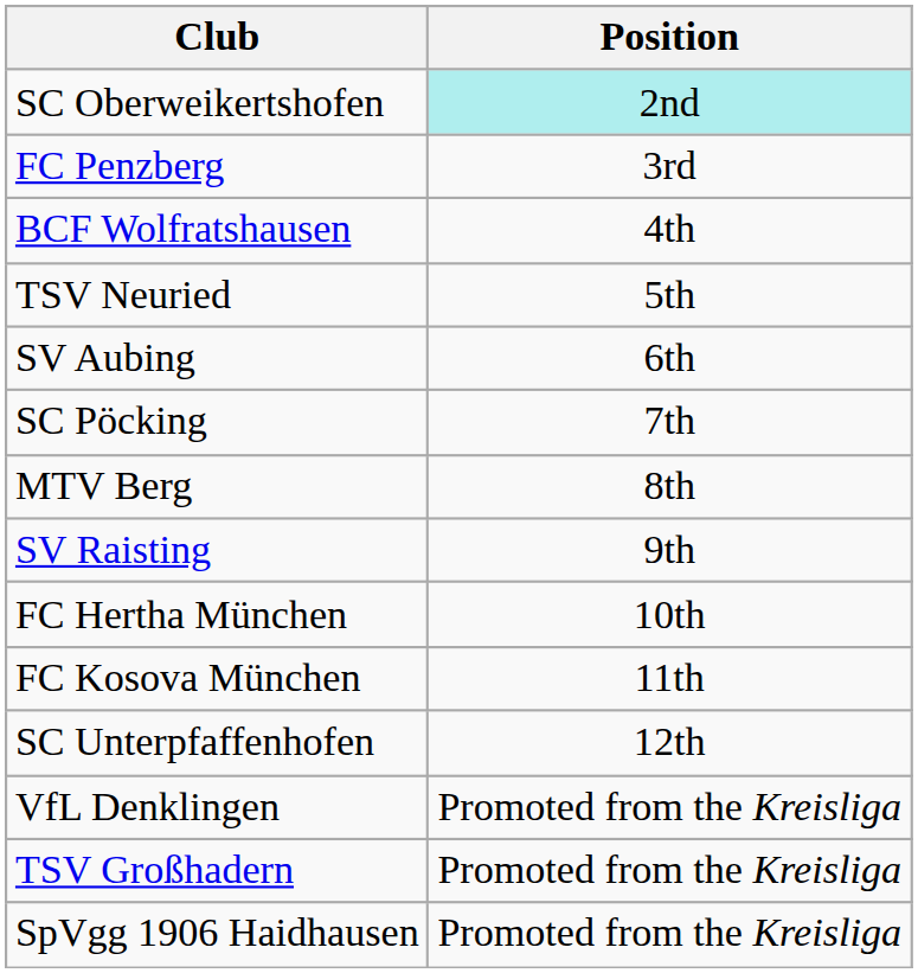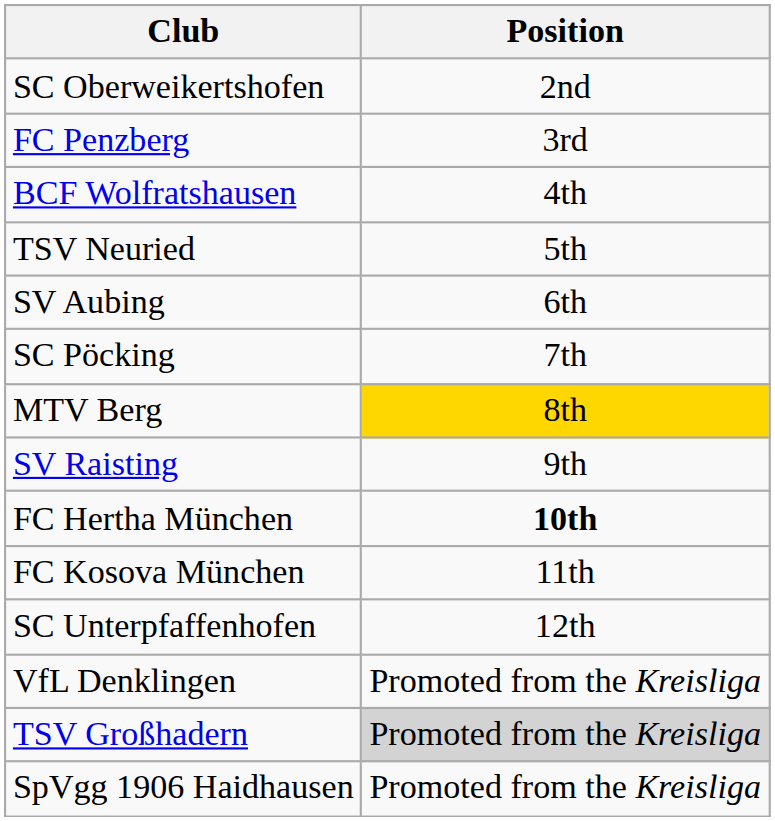 <table class="wikitable sortable" style="text-align:center">
 <tr>
 <th>Club</th>
 <th>Position</th>
 </tr>
 <tr>
 <td style="text-align:left;">SC Oberweikertshofen</td>
-<td style="background: paleturquoise;">2nd</td>
+<td>2nd</td>
 </tr>
 <tr>
 <td style="text-align:left;"><a href='#'>FC Penzberg</a></td>
 <td>3rd</td>
 </tr>
 <tr>
 <td style="text-align:left;"><a href='#'>BCF Wolfratshausen</a></td>
 <td>4th</td>
 </tr>
 <tr>
 <td style="text-align:left;">TSV Neuried</td>
 <td>5th</td>
 </tr>
 <tr>
 <td style="text-align:left;">SV Aubing</td>
 <td>6th</td>
 </tr>
 <tr>
 <td style="text-align:left;">SC Pöcking</td>
 <td>7th</td>
 </tr>
 <tr>
 <td style="text-align:left;">MTV Berg</td>
-<td>8th</td>
+<td style="background: gold;">8th</td>
 </tr>
 <tr>
 <td style="text-align:left;"><a href='#'>SV Raisting</a></td>
 <td>9th</td>
 </tr>
 <tr>
 <td style="text-align:left;">FC Hertha München</td>
-<td>10th</td>
+<td><strong>10th</strong></td>
 </tr>
 <tr>
 <td style="text-align:left;">FC Kosova München</td>
 <td>11th</td>
 </tr>
 <tr>
 <td style="text-align:left;">SC Unterpfaffenhofen</td>
 <td>12th</td>
 </tr>
 <tr>
 <td style="text-align:left;">VfL Denklingen</td>
 <td>Promoted from the <em>Kreisliga</em></td>
 </tr>
 <tr>
 <td style="text-align:left;"><a href='#'>TSV Großhadern</a></td>
-<td>Promoted from the <em>Kreisliga</em></td>
+<td style="background: lightgrey;">Promoted from the <em>Kreisliga</em></td>
 </tr>
 <tr>
 <td style="text-align:left;">SpVgg 1906 Haidhausen</td>
 <td>Promoted from the <em>Kreisliga</em></td>
 </tr>
 </table>
